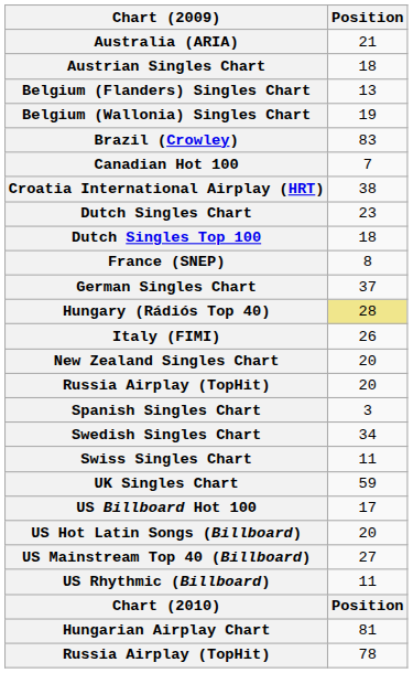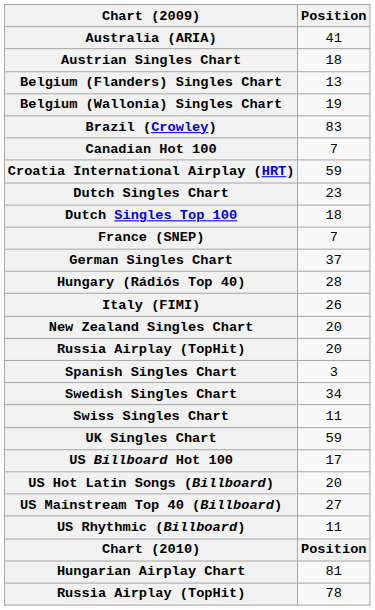 <table class="wikitable sortable plainrowheaders" style="text-align:center;">
 <tr>
 <th scope="col">Chart (2009)</th>
 <th scope="col">Position</th>
 </tr>
 <tr>
 <th scope="row">Australia (ARIA)</th>
-<td align="center">21</td>
+<td align="center">41</td>
 </tr>
 <tr>
 <th scope="row">Austrian Singles Chart</th>
 <td align="center">18</td>
 </tr>
 <tr>
 <th scope="row">Belgium (Flanders) Singles Chart</th>
 <td align="center">13</td>
 </tr>
 <tr>
 <th scope="row">Belgium (Wallonia) Singles Chart</th>
 <td align="center">19</td>
 </tr>
 <tr>
 <th scope="row">Brazil (<a href='#'>Crowley</a>)</th>
 <td align="center">83</td>
 </tr>
 <tr>
 <th scope="row">Canadian Hot 100</th>
 <td align="center">7</td>
 </tr>
 <tr>
 <th scope="row">Croatia International Airplay (<a href='#'>HRT</a>)</th>
-<td>38</td>
+<td>59</td>
 </tr>
 <tr>
 <th scope="row">Dutch Singles Chart</th>
 <td align="center">23</td>
 </tr>
 <tr>
 <th scope="row">Dutch <a href='#'>Singles Top 100</a></th>
 <td align="center">18</td>
 </tr>
 <tr>
 <th scope="row">France (SNEP)</th>
-<td align="center">8</td>
+<td align="center">7</td>
 </tr>
 <tr>
 <th scope="row">German Singles Chart</th>
 <td align="center">37</td>
 </tr>
 <tr>
 <th scope="row">Hungary (Rádiós Top 40)</th>
-<td align="center" style="background: khaki;">28</td>
+<td align="center">28</td>
 </tr>
 <tr>
 <th scope="row">Italy (FIMI)</th>
 <td align="center">26</td>
 </tr>
 <tr>
 <th scope="row">New Zealand Singles Chart</th>
 <td align="center">20</td>
 </tr>
 <tr>
 <th scope="row">Russia Airplay (TopHit)</th>
 <td style="text-align:center;">20</td>
 </tr>
 <tr>
 <th scope="row">Spanish Singles Chart</th>
 <td align="center">3</td>
 </tr>
 <tr>
 <th scope="row">Swedish Singles Chart</th>
 <td align="center">34</td>
 </tr>
 <tr>
 <th scope="row">Swiss Singles Chart</th>
 <td align="center">11</td>
 </tr>
 <tr>
 <th scope="row">UK Singles Chart</th>
 <td align="center">59</td>
 </tr>
 <tr>
 <th scope="row">US <em>Billboard</em> Hot 100</th>
 <td align="center">17</td>
 </tr>
 <tr>
 <th scope="row">US Hot Latin Songs (<em>Billboard</em>)</th>
 <td align="center">20</td>
 </tr>
 <tr>
 <th scope="row">US Mainstream Top 40 (<em>Billboard</em>)</th>
 <td align="center">27</td>
 </tr>
 <tr>
 <th scope="row">US Rhythmic (<em>Billboard</em>)</th>
 <td align="center">11</td>
 </tr>
 <tr>
 <th>Chart (2010)</th>
 <th>Position</th>
 </tr>
 <tr>
 <th scope="row">Hungarian Airplay Chart</th>
 <td align="center">81</td>
 </tr>
 <tr>
 <th scope="row">Russia Airplay (TopHit)</th>
 <td align="center">78</td>
 </tr>
 </table>
